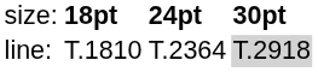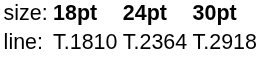 <table style="margin-left:40px;">
 <tr>
 <td>size:</td>
 <td><strong>18pt</strong></td>
 <td><strong>24pt</strong></td>
 <td><strong>30pt</strong></td>
 </tr>
 <tr>
 <td>line:</td>
 <td>T.1810</td>
 <td>T.2364</td>
-<td style="background: lightgrey;">T.2918</td>
+<td>T.2918</td>
 </tr>
 </table>
